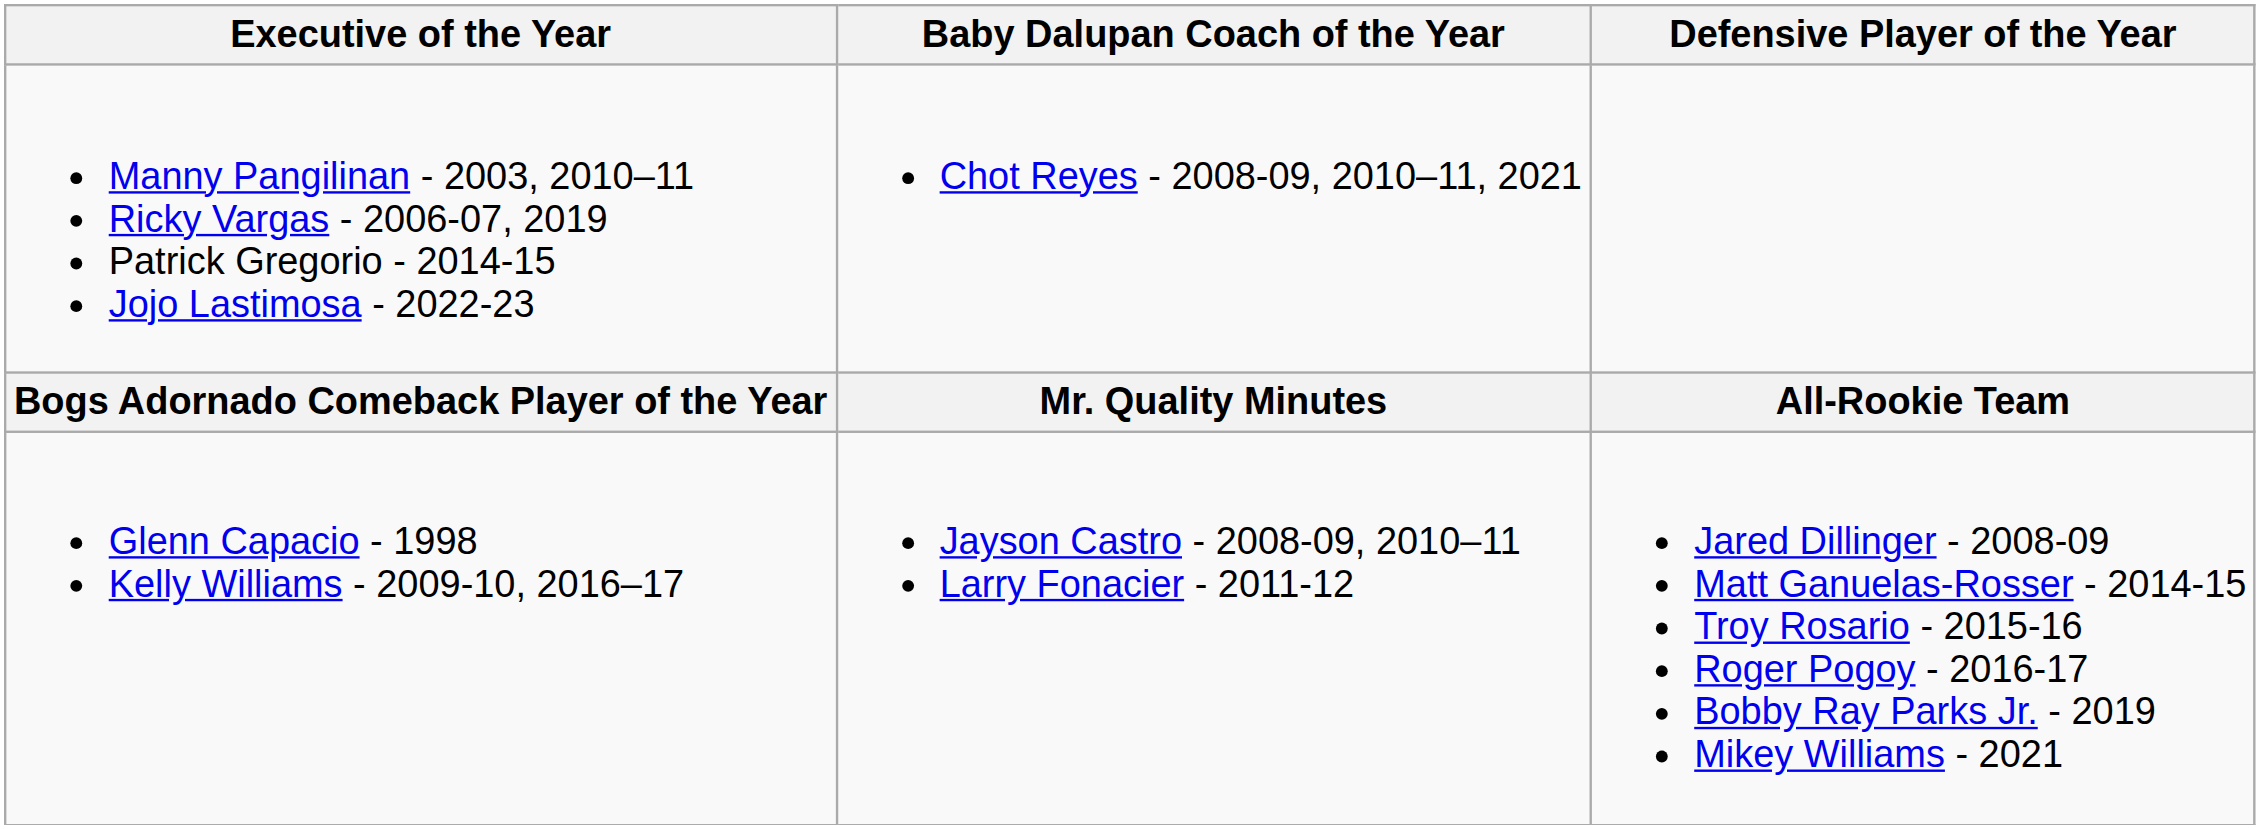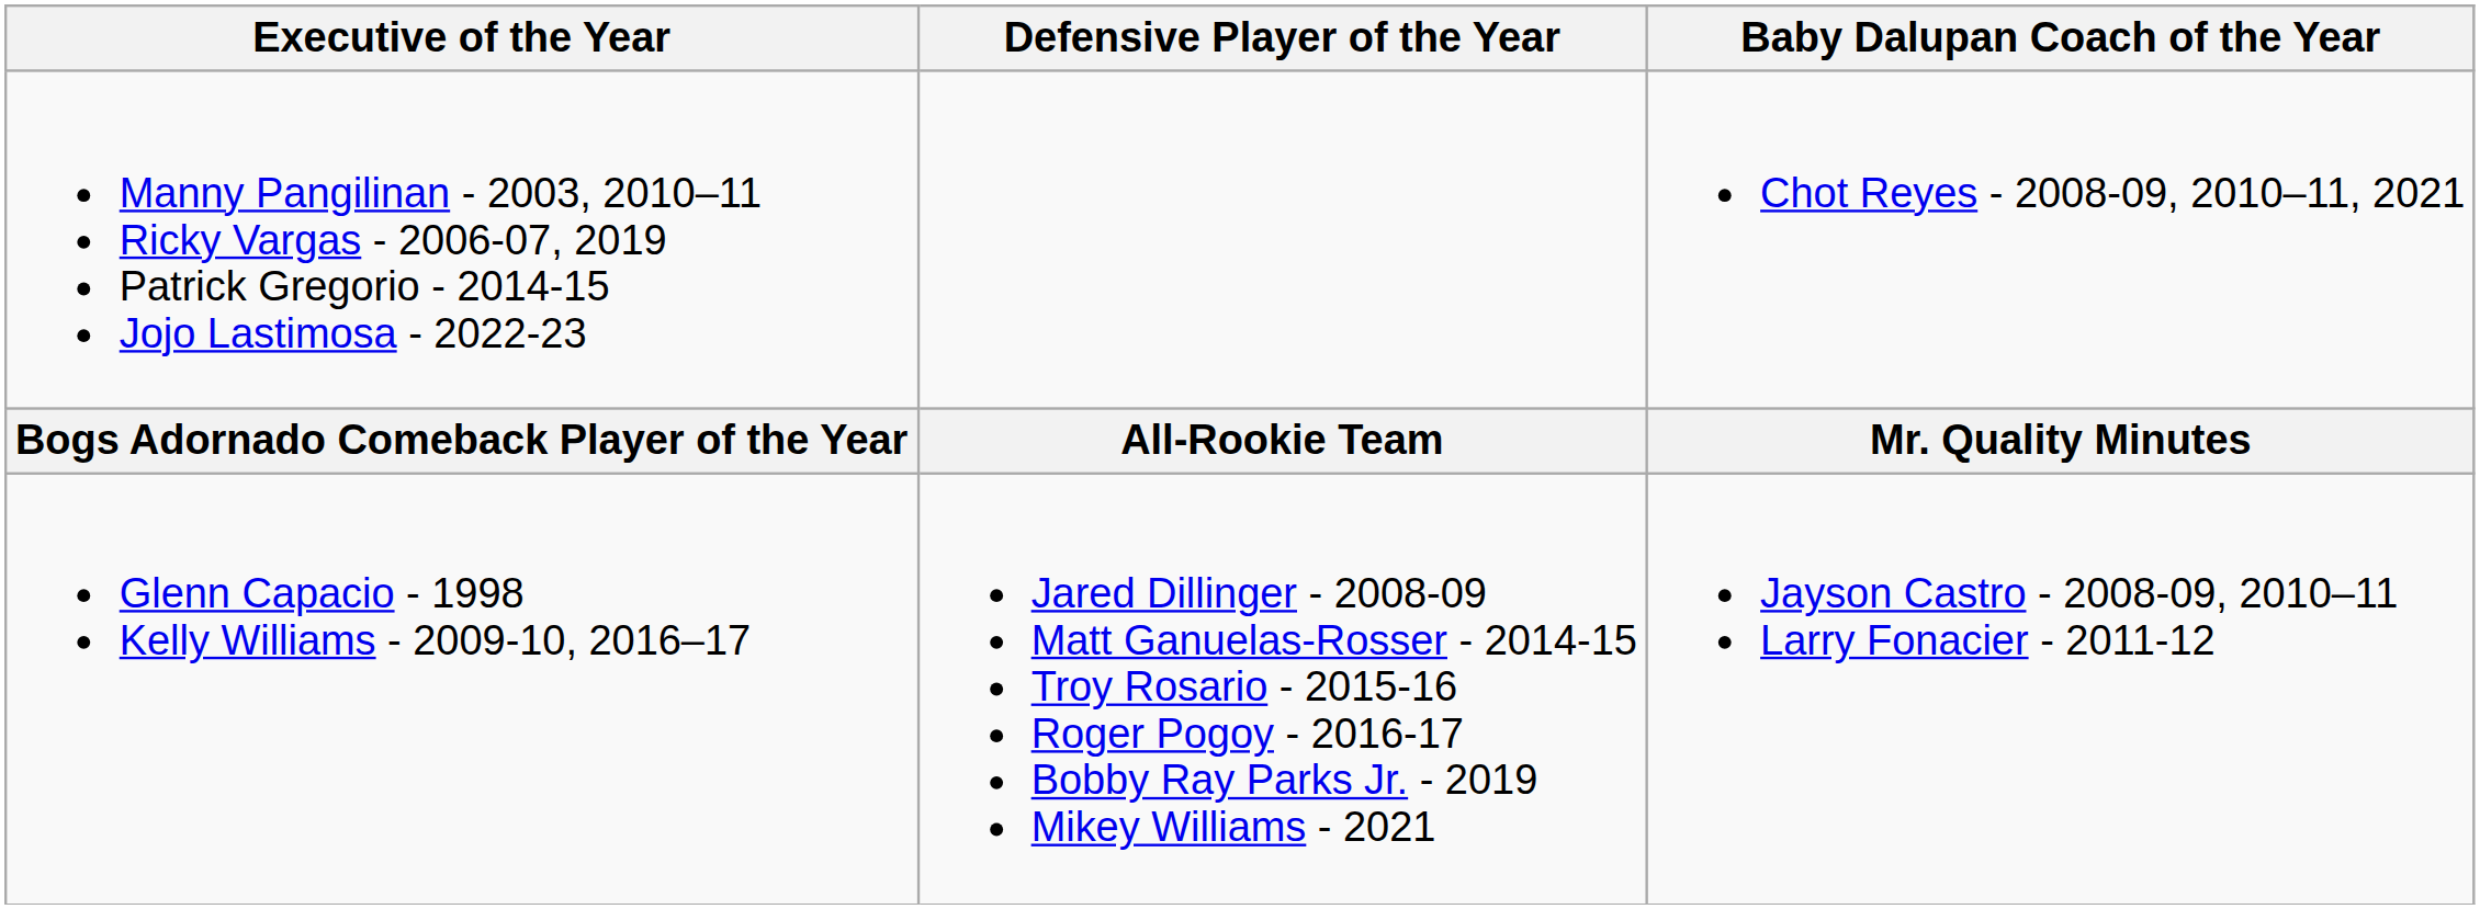 <table class=wikitable>
 <tr>
 <th>Executive of the Year</th>
+<th>Defensive Player of the Year</th>
 <th>Baby Dalupan Coach of the Year</th>
-<th>Defensive Player of the Year</th>
 </tr>
 <tr>
 <td valign="top"><br><ul><li><a href='#'>Manny Pangilinan</a> - 2003, 2010–11</li><li><a href='#'>Ricky Vargas</a> - 2006-07, 2019</li><li>Patrick Gregorio - 2014-15</li><li><a href='#'>Jojo Lastimosa</a> - 2022-23</li></ul></td>
+<td valign="top"></td>
 <td valign="top"><br><ul><li><a href='#'>Chot Reyes</a> - 2008-09, 2010–11, 2021</li></ul></td>
-<td valign="top"></td>
 </tr>
 <tr>
 <th>Bogs Adornado Comeback Player of the Year</th>
+<th>All-Rookie Team</th>
 <th>Mr. Quality Minutes</th>
-<th>All-Rookie Team</th>
 </tr>
 <tr>
 <td valign="top"><br><ul><li><a href='#'>Glenn Capacio</a> - 1998</li><li><a href='#'>Kelly Williams</a> - 2009-10, 2016–17</li></ul></td>
+<td valign="top"><br><ul><li><a href='#'>Jared Dillinger</a> - 2008-09</li><li><a href='#'>Matt Ganuelas-Rosser</a> - 2014-15</li><li><a href='#'>Troy Rosario</a> - 2015-16</li><li><a href='#'>Roger Pogoy</a> - 2016-17</li><li><a href='#'>Bobby Ray Parks Jr.</a> - 2019</li><li><a href='#'>Mikey Williams</a> - 2021</li></ul></td>
 <td valign="top"><br><ul><li><a href='#'>Jayson Castro</a> - 2008-09, 2010–11</li><li><a href='#'>Larry Fonacier</a> - 2011-12</li></ul></td>
-<td valign="top"><br><ul><li><a href='#'>Jared Dillinger</a> - 2008-09</li><li><a href='#'>Matt Ganuelas-Rosser</a> - 2014-15</li><li><a href='#'>Troy Rosario</a> - 2015-16</li><li><a href='#'>Roger Pogoy</a> - 2016-17</li><li><a href='#'>Bobby Ray Parks Jr.</a> - 2019</li><li><a href='#'>Mikey Williams</a> - 2021</li></ul></td>
 </tr>
 </table>
